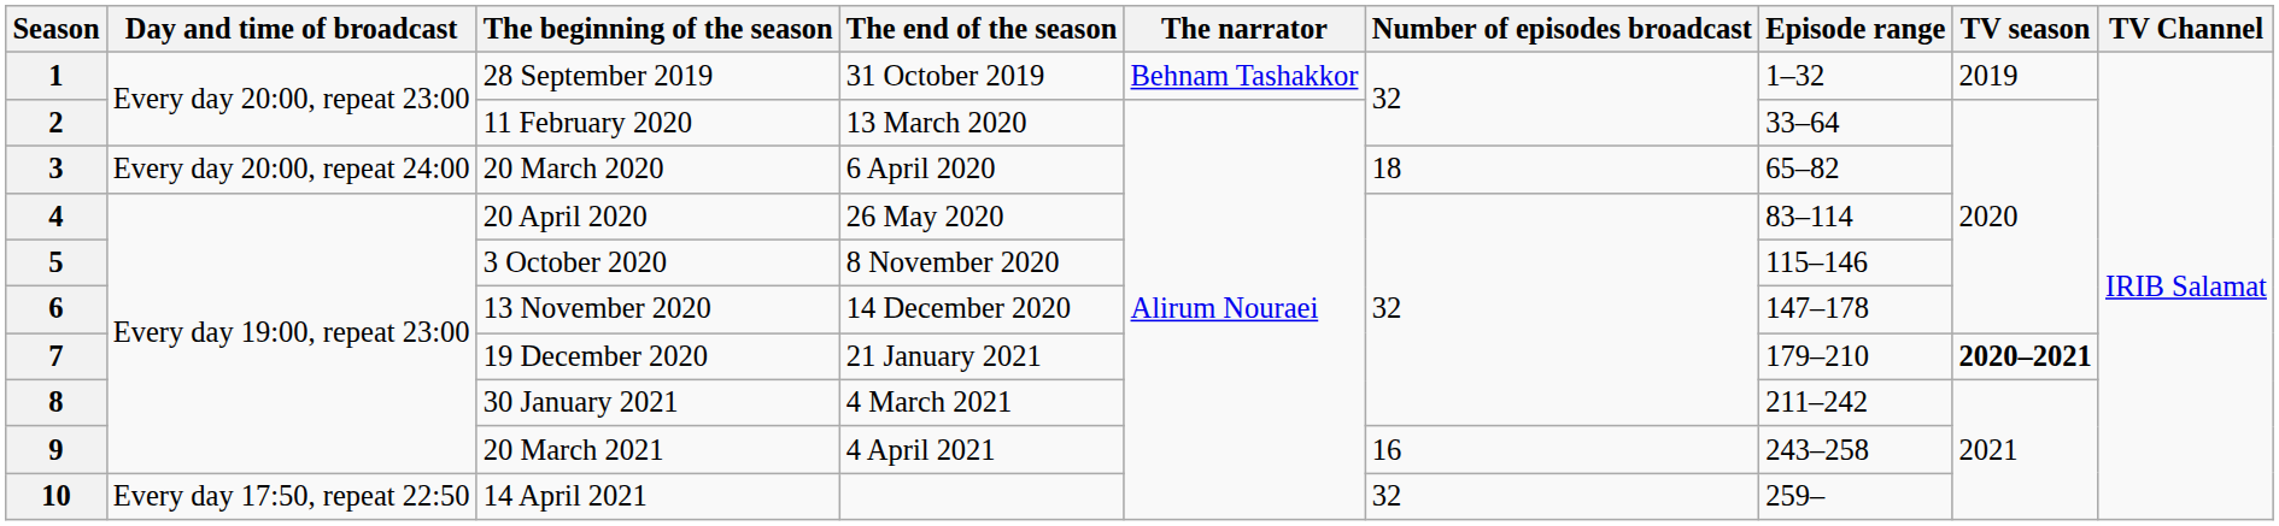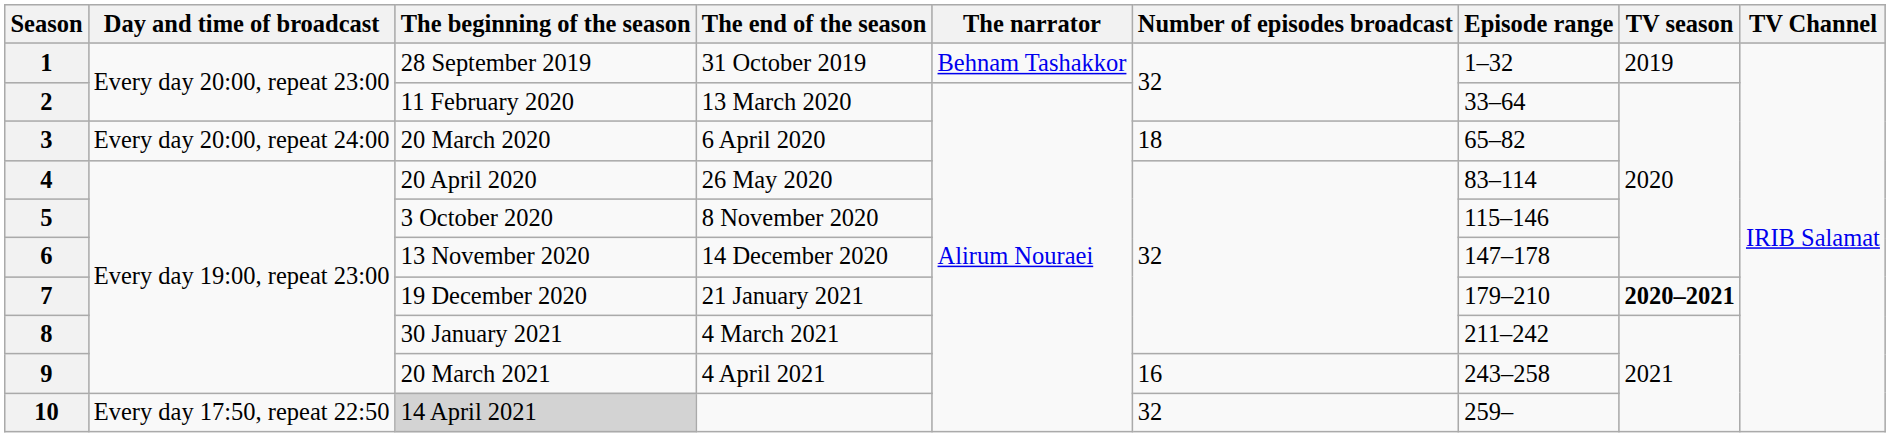 <table class="wikitable">
 <tr>
 <th>Season</th>
 <th>Day and time of broadcast</th>
 <th>The beginning of the season</th>
 <th>The end of the season</th>
 <th>The narrator</th>
 <th>Number of episodes broadcast</th>
 <th>Episode range</th>
 <th>TV season</th>
 <th>TV Channel</th>
 </tr>
 <tr>
 <th scope="row">1</th>
 <td rowspan="2">Every day 20:00, repeat 23:00</td>
 <td>28 September 2019</td>
 <td>31 October 2019</td>
 <td><a href='#'>Behnam Tashakkor</a></td>
 <td rowspan="2">32</td>
 <td>1–32</td>
 <td>2019</td>
 <td rowspan="10"><a href='#'>IRIB Salamat</a></td>
 </tr>
 <tr>
 <th scope="row">2</th>
 <td>11 February 2020</td>
 <td>13 March 2020</td>
 <td rowspan="9"><a href='#'>Alirum Nouraei</a></td>
 <td>33–64</td>
 <td rowspan="5">2020</td>
 </tr>
 <tr>
 <th scope="row">3</th>
 <td>Every day 20:00, repeat 24:00</td>
 <td>20 March 2020</td>
 <td>6 April 2020</td>
 <td>18</td>
 <td>65–82</td>
 </tr>
 <tr>
 <th scope="row">4</th>
 <td rowspan="6">Every day 19:00, repeat 23:00</td>
 <td>20 April 2020</td>
 <td>26 May 2020</td>
 <td rowspan="5">32</td>
 <td>83–114</td>
 </tr>
 <tr>
 <th scope="row">5</th>
 <td>3 October 2020</td>
 <td>8 November 2020</td>
 <td>115–146</td>
 </tr>
 <tr>
 <th scope="row">6</th>
 <td>13 November 2020</td>
 <td>14 December 2020</td>
 <td>147–178</td>
 </tr>
 <tr>
 <th scope="row">7</th>
 <td>19 December 2020</td>
 <td>21 January 2021</td>
 <td>179–210</td>
 <td><strong>2020–2021</strong></td>
 </tr>
 <tr>
 <th scope="row">8</th>
 <td>30 January 2021</td>
 <td>4 March 2021</td>
 <td>211–242</td>
 <td rowspan="3">2021</td>
 </tr>
 <tr>
 <th scope="row">9</th>
 <td>20 March 2021</td>
 <td>4 April 2021</td>
 <td>16</td>
 <td>243–258</td>
 </tr>
 <tr>
 <th scope="row">10</th>
 <td>Every day 17:50, repeat 22:50</td>
-<td>14 April 2021</td>
+<td style="background: lightgrey;">14 April 2021</td>
 <td></td>
 <td>32</td>
 <td>259–</td>
 </tr>
 </table>
